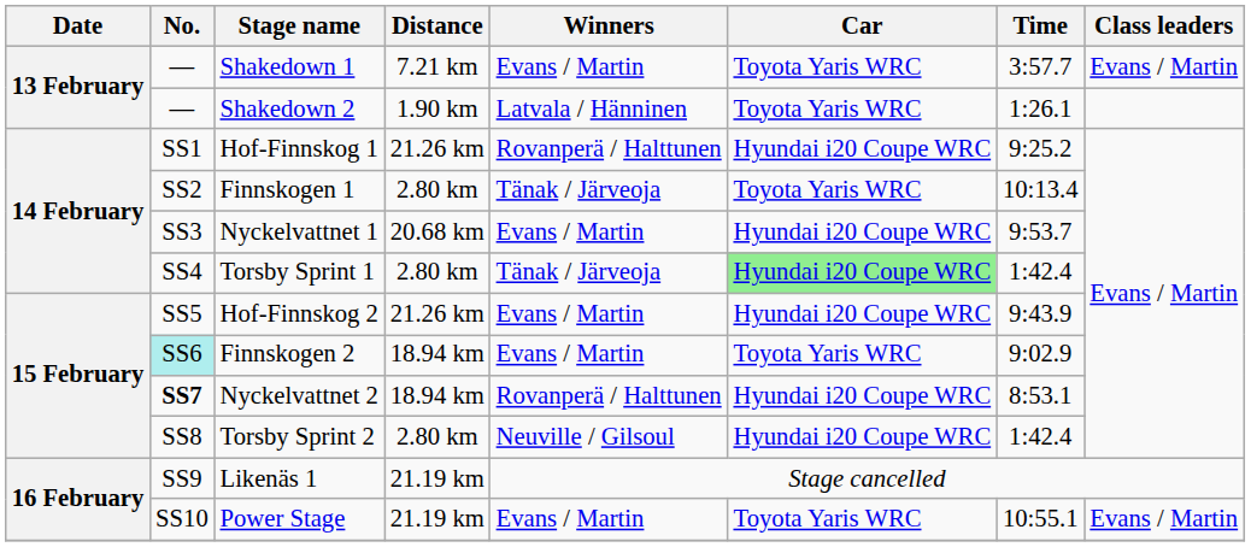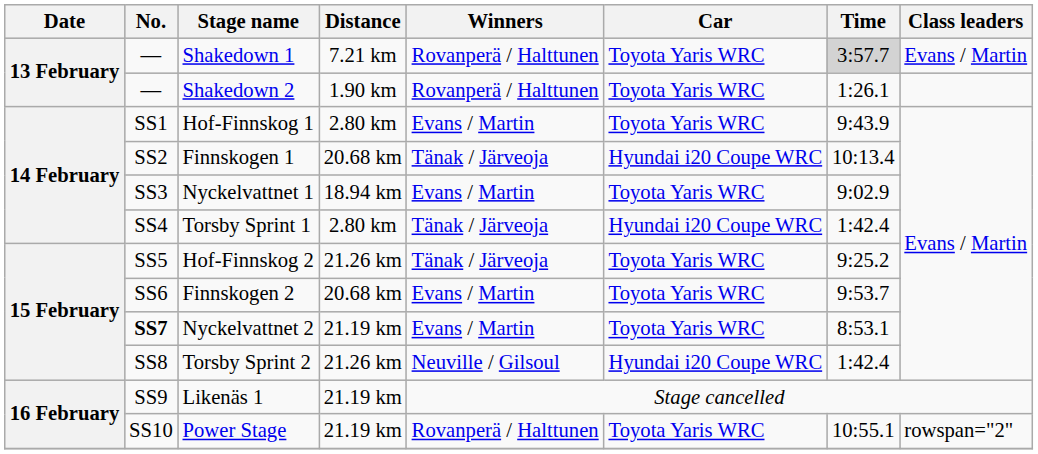 <table class="wikitable" style="font-size: 85%;">
 <tr>
 <th>Date</th>
 <th>No.</th>
 <th>Stage name</th>
 <th>Distance</th>
 <th>Winners</th>
 <th>Car</th>
 <th>Time</th>
 <th nowrap>Class leaders</th>
 </tr>
 <tr>
 <th rowspan="2" nowrap>13 February</th>
 <td align="center">—</td>
 <td><a href='#'>Shakedown 1</a></td>
 <td align="center">7.21 km</td>
-<td><a href='#'>Evans</a> / <a href='#'>Martin</a></td>
+<td nowrap><a href='#'>Rovanperä</a> / <a href='#'>Halttunen</a></td>
 <td><a href='#'>Toyota Yaris WRC</a></td>
-<td align="center">3:57.7</td>
+<td align="center" style="background: lightgrey;">3:57.7</td>
 <td><a href='#'>Evans</a> / <a href='#'>Martin</a></td>
 </tr>
 <tr>
 <td align="center">—</td>
 <td nowrap><a href='#'>Shakedown 2</a></td>
 <td align="center">1.90 km</td>
-<td><a href='#'>Latvala</a> / <a href='#'>Hänninen</a></td>
+<td><a href='#'>Rovanperä</a> / <a href='#'>Halttunen</a></td>
 <td><a href='#'>Toyota Yaris WRC</a></td>
 <td align="center">1:26.1</td>
 </tr>
 <tr>
 <th rowspan="4" nowrap>14 February</th>
 <td align="center">SS1</td>
 <td>Hof-Finnskog 1</td>
-<td align="center">21.26 km</td>
-<td><a href='#'>Rovanperä</a> / <a href='#'>Halttunen</a></td>
-<td><a href='#'>Hyundai i20 Coupe WRC</a></td>
-<td align="center">9:25.2</td>
+<td align="center">2.80 km</td>
+<td><a href='#'>Evans</a> / <a href='#'>Martin</a></td>
+<td><a href='#'>Toyota Yaris WRC</a></td>
+<td align="center">9:43.9</td>
 <td rowspan="8" nowrap><a href='#'>Evans</a> / <a href='#'>Martin</a></td>
 </tr>
 <tr>
 <td align="center">SS2</td>
 <td>Finnskogen 1</td>
-<td align="center">2.80 km</td>
+<td align="center">20.68 km</td>
 <td><a href='#'>Tänak</a> / <a href='#'>Järveoja</a></td>
-<td><a href='#'>Toyota Yaris WRC</a></td>
+<td nowrap><a href='#'>Hyundai i20 Coupe WRC</a></td>
 <td align="center">10:13.4</td>
 </tr>
 <tr>
 <td align="center">SS3</td>
 <td>Nyckelvattnet 1</td>
-<td align="center">20.68 km</td>
+<td align="center">18.94 km</td>
 <td><a href='#'>Evans</a> / <a href='#'>Martin</a></td>
-<td nowrap><a href='#'>Hyundai i20 Coupe WRC</a></td>
-<td align="center">9:53.7</td>
+<td><a href='#'>Toyota Yaris WRC</a></td>
+<td align="center">9:02.9</td>
 </tr>
 <tr>
 <td align="center">SS4</td>
 <td>Torsby Sprint 1</td>
 <td align="center">2.80 km</td>
 <td><a href='#'>Tänak</a> / <a href='#'>Järveoja</a></td>
-<td style="background: lightgreen;"><a href='#'>Hyundai i20 Coupe WRC</a></td>
+<td><a href='#'>Hyundai i20 Coupe WRC</a></td>
 <td align="center">1:42.4</td>
 </tr>
 <tr>
 <th rowspan="4">15 February</th>
 <td align="center">SS5</td>
 <td>Hof-Finnskog 2</td>
 <td align="center">21.26 km</td>
-<td><a href='#'>Evans</a> / <a href='#'>Martin</a></td>
-<td><a href='#'>Hyundai i20 Coupe WRC</a></td>
-<td align="center">9:43.9</td>
+<td><a href='#'>Tänak</a> / <a href='#'>Järveoja</a></td>
+<td><a href='#'>Toyota Yaris WRC</a></td>
+<td align="center">9:25.2</td>
 </tr>
 <tr>
-<td align="center" style="background: paleturquoise;">SS6</td>
+<td align="center">SS6</td>
 <td>Finnskogen 2</td>
-<td align="center">18.94 km</td>
+<td align="center">20.68 km</td>
 <td><a href='#'>Evans</a> / <a href='#'>Martin</a></td>
 <td><a href='#'>Toyota Yaris WRC</a></td>
-<td align="center">9:02.9</td>
+<td align="center">9:53.7</td>
 </tr>
 <tr>
 <td align="center"><strong>SS7</strong></td>
 <td>Nyckelvattnet 2</td>
-<td align="center">18.94 km</td>
-<td><a href='#'>Rovanperä</a> / <a href='#'>Halttunen</a></td>
-<td nowrap><a href='#'>Hyundai i20 Coupe WRC</a></td>
+<td align="center">21.19 km</td>
+<td><a href='#'>Evans</a> / <a href='#'>Martin</a></td>
+<td><a href='#'>Toyota Yaris WRC</a></td>
 <td align="center">8:53.1</td>
 </tr>
 <tr>
 <td align="center">SS8</td>
 <td>Torsby Sprint 2</td>
-<td align="center">2.80 km</td>
+<td align="center">21.26 km</td>
 <td><a href='#'>Neuville</a> / <a href='#'>Gilsoul</a></td>
 <td><a href='#'>Hyundai i20 Coupe WRC</a></td>
 <td align="center">1:42.4</td>
 </tr>
 <tr>
 <th rowspan="2">16 February</th>
 <td align="center">SS9</td>
 <td>Likenäs 1</td>
 <td align="center">21.19 km</td>
 <td colspan="4" align="center"><em>Stage cancelled</em></td>
 </tr>
 <tr>
 <td align="center">SS10</td>
 <td nowrap><a href='#'>Power Stage</a></td>
 <td align="center">21.19 km</td>
-<td><a href='#'>Evans</a> / <a href='#'>Martin</a></td>
+<td><a href='#'>Rovanperä</a> / <a href='#'>Halttunen</a></td>
 <td><a href='#'>Toyota Yaris WRC</a></td>
 <td align="center">10:55.1</td>
-<td><a href='#'>Evans</a> / <a href='#'>Martin</a></td>
+<td>rowspan="2" </td>
 </tr>
 <tr>
 </tr>
 </table>
